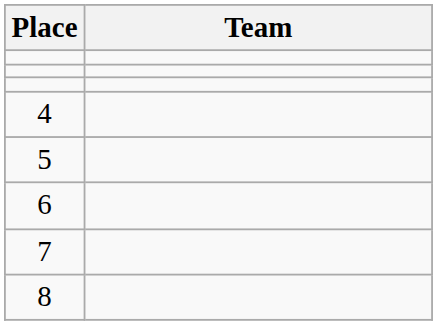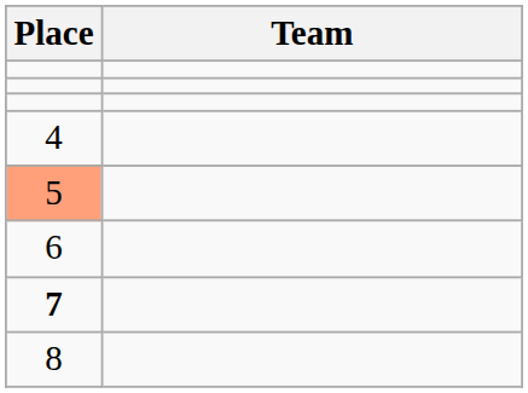 <table class="wikitable" style="text-align: center;">
 <tr>
 <th width=35>Place</th>
 <th width=185>Team</th>
 </tr>
 <tr>
 <td></td>
 <td style="text-align:left;"></td>
 </tr>
 <tr>
 <td></td>
 <td style="text-align:left;"></td>
 </tr>
 <tr>
 <td></td>
 <td style="text-align:left;"></td>
 </tr>
 <tr>
 <td>4</td>
 <td style="text-align:left;"></td>
 </tr>
 <tr>
-<td>5</td>
+<td style="background: lightsalmon;">5</td>
 <td style="text-align:left;"></td>
 </tr>
 <tr>
 <td>6</td>
 <td style="text-align:left;"></td>
 </tr>
 <tr>
-<td>7</td>
+<td><strong>7</strong></td>
 <td style="text-align:left;"></td>
 </tr>
 <tr>
 <td>8</td>
 <td style="text-align:left;"></td>
 </tr>
 </table>
